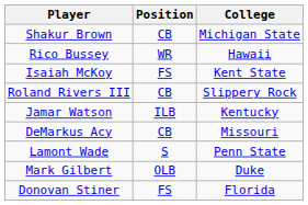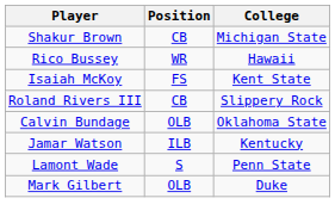 <table class="wikitable" style="text-align:center">
 <tr>
 <th>Player</th>
 <th>Position</th>
 <th>College</th>
 </tr>
 <tr>
 <td><a href='#'>Shakur Brown</a></td>
 <td><a href='#'>CB</a></td>
 <td><a href='#'>Michigan State</a></td>
 </tr>
 <tr>
 <td><a href='#'>Rico Bussey</a></td>
 <td><a href='#'>WR</a></td>
 <td><a href='#'>Hawaii</a></td>
 </tr>
 <tr>
 <td><a href='#'>Isaiah McKoy</a></td>
 <td><a href='#'>FS</a></td>
 <td><a href='#'>Kent State</a></td>
 </tr>
 <tr>
 <td><a href='#'>Roland Rivers III</a></td>
 <td><a href='#'>CB</a></td>
 <td><a href='#'>Slippery Rock</a></td>
 </tr>
 <tr>
+<td><a href='#'>Calvin Bundage</a></td>
+<td><a href='#'>OLB</a></td>
+<td><a href='#'>Oklahoma State</a></td>
+</tr>
+<tr>
 <td><a href='#'>Jamar Watson</a></td>
 <td><a href='#'>ILB</a></td>
 <td><a href='#'>Kentucky</a></td>
-</tr>
-<tr>
-<td><a href='#'>DeMarkus Acy</a></td>
-<td><a href='#'>CB</a></td>
-<td><a href='#'>Missouri</a></td>
 </tr>
 <tr>
 <td><a href='#'>Lamont Wade</a></td>
 <td><a href='#'>S</a></td>
 <td><a href='#'>Penn State</a></td>
 </tr>
 <tr>
 <td><a href='#'>Mark Gilbert</a></td>
 <td><a href='#'>OLB</a></td>
 <td><a href='#'>Duke</a></td>
 </tr>
-<tr>
-<td><a href='#'>Donovan Stiner</a></td>
-<td><a href='#'>FS</a></td>
-<td><a href='#'>Florida</a></td>
-</tr>
 </table>
